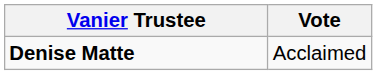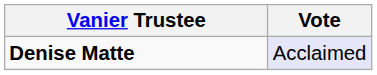 <table class="wikitable">
 <tr>
 <th bgcolor="#DDDDFF" width="200px"><a href='#'>Vanier</a> Trustee</th>
 <th bgcolor="#DDDDFF" width="50px">Vote</th>
 </tr>
 <tr>
 <td><strong>Denise Matte</strong></td>
-<td>Acclaimed</td>
+<td style="background: lavender;">Acclaimed</td>
 </tr>
 </table>
